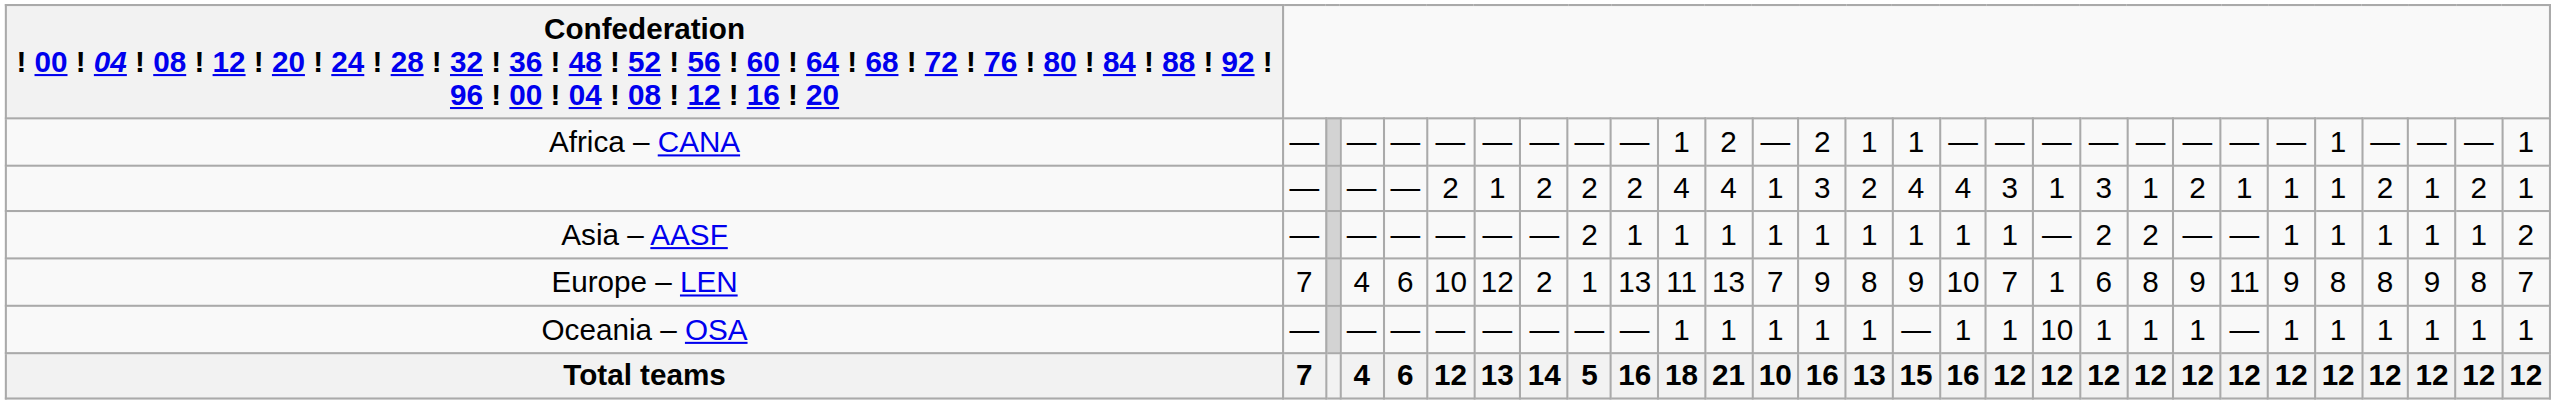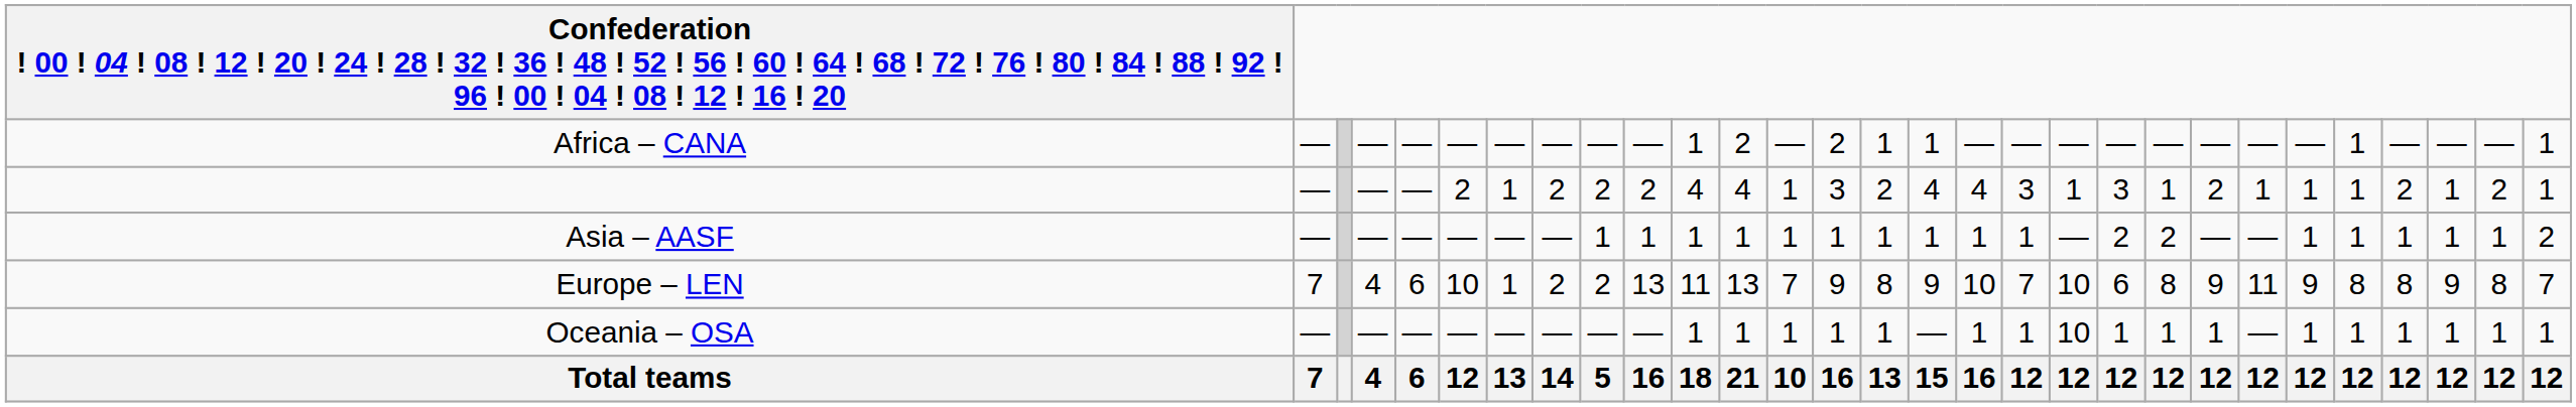 <table class="wikitable" style="text-align: center; font-size: 90%; margin-left: 1em;">
 <tr>
 <th>Confederation<br>! <a href='#'>00</a> ! <em><a href='#'>04</a></em> ! <a href='#'>08</a> ! <a href='#'>12</a> ! <a href='#'>20</a> ! <a href='#'>24</a> ! <a href='#'>28</a> ! <a href='#'>32</a> ! <a href='#'>36</a> ! <a href='#'>48</a> ! <a href='#'>52</a> ! <a href='#'>56</a> ! <a href='#'>60</a> ! <a href='#'>64</a> ! <a href='#'>68</a> ! <a href='#'>72</a> ! <a href='#'>76</a> ! <a href='#'>80</a> ! <a href='#'>84</a> ! <a href='#'>88</a> ! <a href='#'>92</a> ! <a href='#'>96</a> ! <a href='#'>00</a> ! <a href='#'>04</a> ! <a href='#'>08</a> ! <a href='#'>12</a> ! <a href='#'>16</a> ! <a href='#'>20</a></th>
 </tr>
 <tr>
 <td>Africa – <a href='#'>CANA</a></td>
 <td>—</td>
 <td style="background-color: lightgray;"></td>
 <td>—</td>
 <td>—</td>
 <td>—</td>
 <td>—</td>
 <td>—</td>
 <td>—</td>
 <td>—</td>
 <td>1</td>
 <td>2</td>
 <td>—</td>
 <td>2</td>
 <td>1</td>
 <td>1</td>
 <td>—</td>
 <td>—</td>
 <td>—</td>
 <td>—</td>
 <td>—</td>
 <td>—</td>
 <td>—</td>
 <td>—</td>
 <td>1</td>
 <td>—</td>
 <td>—</td>
 <td>—</td>
 <td>1</td>
 </tr>
 <tr>
 <td></td>
 <td>—</td>
 <td style="background-color: lightgray;"></td>
 <td>—</td>
 <td>—</td>
 <td>2</td>
 <td>1</td>
 <td>2</td>
 <td>2</td>
 <td>2</td>
 <td>4</td>
 <td>4</td>
 <td>1</td>
 <td>3</td>
 <td>2</td>
 <td>4</td>
 <td>4</td>
 <td>3</td>
 <td>1</td>
 <td>3</td>
 <td>1</td>
 <td>2</td>
 <td>1</td>
 <td>1</td>
 <td>1</td>
 <td>2</td>
 <td>1</td>
 <td>2</td>
 <td>1</td>
 </tr>
 <tr>
 <td>Asia – <a href='#'>AASF</a></td>
 <td>—</td>
 <td style="background-color: lightgray;"></td>
 <td>—</td>
 <td>—</td>
 <td>—</td>
 <td>—</td>
 <td>—</td>
-<td>2</td>
+<td>1</td>
 <td>1</td>
 <td>1</td>
 <td>1</td>
 <td>1</td>
 <td>1</td>
 <td>1</td>
 <td>1</td>
 <td>1</td>
 <td>1</td>
 <td>—</td>
 <td>2</td>
 <td>2</td>
 <td>—</td>
 <td>—</td>
 <td>1</td>
 <td>1</td>
 <td>1</td>
 <td>1</td>
 <td>1</td>
 <td>2</td>
 </tr>
 <tr>
 <td>Europe – <a href='#'>LEN</a></td>
 <td>7</td>
 <td style="background-color: lightgray;"></td>
 <td>4</td>
 <td>6</td>
 <td>10</td>
-<td>12</td>
+<td>1</td>
 <td>2</td>
-<td>1</td>
+<td>2</td>
 <td>13</td>
 <td>11</td>
 <td>13</td>
 <td>7</td>
 <td>9</td>
 <td>8</td>
 <td>9</td>
 <td>10</td>
 <td>7</td>
-<td>1</td>
+<td>10</td>
 <td>6</td>
 <td>8</td>
 <td>9</td>
 <td>11</td>
 <td>9</td>
 <td>8</td>
 <td>8</td>
 <td>9</td>
 <td>8</td>
 <td>7</td>
 </tr>
 <tr>
 <td>Oceania – <a href='#'>OSA</a></td>
 <td>—</td>
 <td style="background-color: lightgray;"></td>
 <td>—</td>
 <td>—</td>
 <td>—</td>
 <td>—</td>
 <td>—</td>
 <td>—</td>
 <td>—</td>
 <td>1</td>
 <td>1</td>
 <td>1</td>
 <td>1</td>
 <td>1</td>
 <td>—</td>
 <td>1</td>
 <td>1</td>
 <td>10</td>
 <td>1</td>
 <td>1</td>
 <td>1</td>
 <td>—</td>
 <td>1</td>
 <td>1</td>
 <td>1</td>
 <td>1</td>
 <td>1</td>
 <td>1</td>
 </tr>
 <tr>
 <th>Total teams</th>
 <th>7</th>
 <th></th>
 <th>4</th>
 <th>6</th>
 <th>12</th>
 <th>13</th>
 <th>14</th>
 <th>5</th>
 <th>16</th>
 <th>18</th>
 <th>21</th>
 <th>10</th>
 <th>16</th>
 <th>13</th>
 <th>15</th>
 <th>16</th>
 <th>12</th>
 <th>12</th>
 <th>12</th>
 <th>12</th>
 <th>12</th>
 <th>12</th>
 <th>12</th>
 <th>12</th>
 <th>12</th>
 <th>12</th>
 <th>12</th>
 <th>12</th>
 </tr>
 </table>
